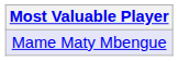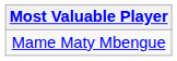 <table class=wikitable style="text-align:center; margin:auto">
 <tr>
 <th><a href='#'>Most Valuable Player</a></th>
 </tr>
 <tr>
-<td style="background: lavender;"> <a href='#'>Mame Maty Mbengue</a></td>
+<td> <a href='#'>Mame Maty Mbengue</a></td>
 </tr>
 </table>
